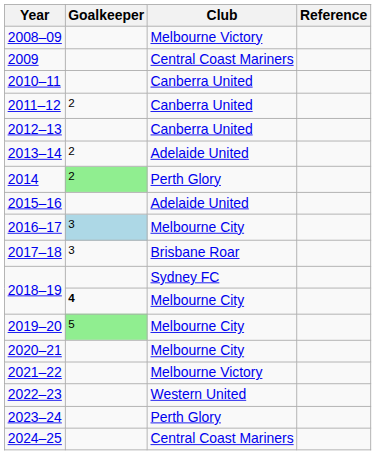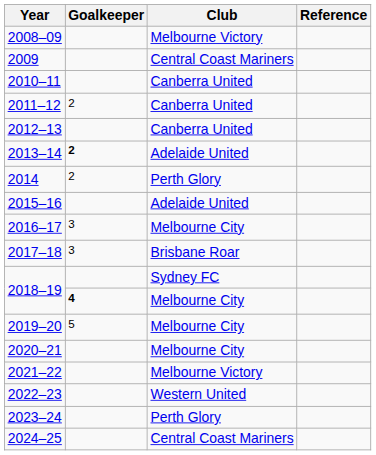 <table class="wikitable sortable">
 <tr>
 <th>Year</th>
 <th>Goalkeeper</th>
 <th>Club</th>
 <th>Reference</th>
 </tr>
 <tr>
 <td><a href='#'>2008–09</a></td>
 <td></td>
 <td><a href='#'>Melbourne Victory</a></td>
 <td></td>
 </tr>
 <tr>
 <td><a href='#'>2009</a></td>
 <td></td>
 <td><a href='#'>Central Coast Mariners</a></td>
 <td></td>
 </tr>
 <tr>
 <td><a href='#'>2010–11</a></td>
 <td></td>
 <td><a href='#'>Canberra United</a></td>
 <td></td>
 </tr>
 <tr>
 <td><a href='#'>2011–12</a></td>
 <td> <sup>2</sup></td>
 <td><a href='#'>Canberra United</a></td>
 <td></td>
 </tr>
 <tr>
 <td><a href='#'>2012–13</a></td>
 <td></td>
 <td><a href='#'>Canberra United</a></td>
 <td></td>
 </tr>
 <tr>
 <td><a href='#'>2013–14</a></td>
-<td> <sup>2</sup></td>
+<td><strong> <sup>2</sup></strong></td>
 <td><a href='#'>Adelaide United</a></td>
 <td></td>
 </tr>
 <tr>
 <td><a href='#'>2014</a></td>
-<td style="background: lightgreen;"> <sup>2</sup></td>
+<td> <sup>2</sup></td>
 <td><a href='#'>Perth Glory</a></td>
 <td></td>
 </tr>
 <tr>
 <td><a href='#'>2015–16</a></td>
 <td></td>
 <td><a href='#'>Adelaide United</a></td>
 <td></td>
 </tr>
 <tr>
 <td><a href='#'>2016–17</a></td>
-<td style="background: lightblue;"> <sup>3</sup></td>
+<td> <sup>3</sup></td>
 <td><a href='#'>Melbourne City</a></td>
 <td></td>
 </tr>
 <tr>
 <td><a href='#'>2017–18</a></td>
 <td> <sup>3</sup></td>
 <td><a href='#'>Brisbane Roar</a></td>
 <td></td>
 </tr>
 <tr>
 <td rowspan=2><a href='#'>2018–19</a></td>
 <td></td>
 <td><a href='#'>Sydney FC</a></td>
 <td></td>
 </tr>
 <tr>
 <td><strong> <sup>4</sup></strong></td>
 <td><a href='#'>Melbourne City</a></td>
 <td></td>
 </tr>
 <tr>
 <td><a href='#'>2019–20</a></td>
-<td style="background: lightgreen;"> <sup>5</sup></td>
+<td> <sup>5</sup></td>
 <td><a href='#'>Melbourne City</a></td>
 <td></td>
 </tr>
 <tr>
 <td><a href='#'>2020–21</a></td>
 <td></td>
 <td><a href='#'>Melbourne City</a></td>
 <td></td>
 </tr>
 <tr>
 <td><a href='#'>2021–22</a></td>
 <td></td>
 <td><a href='#'>Melbourne Victory</a></td>
 <td></td>
 </tr>
 <tr>
 <td><a href='#'>2022–23</a></td>
 <td></td>
 <td><a href='#'>Western United</a></td>
 <td></td>
 </tr>
 <tr>
 <td><a href='#'>2023–24</a></td>
 <td></td>
 <td><a href='#'>Perth Glory</a></td>
 <td></td>
 </tr>
 <tr>
 <td><a href='#'>2024–25</a></td>
 <td></td>
 <td><a href='#'>Central Coast Mariners</a></td>
 <td></td>
 </tr>
 </table>
